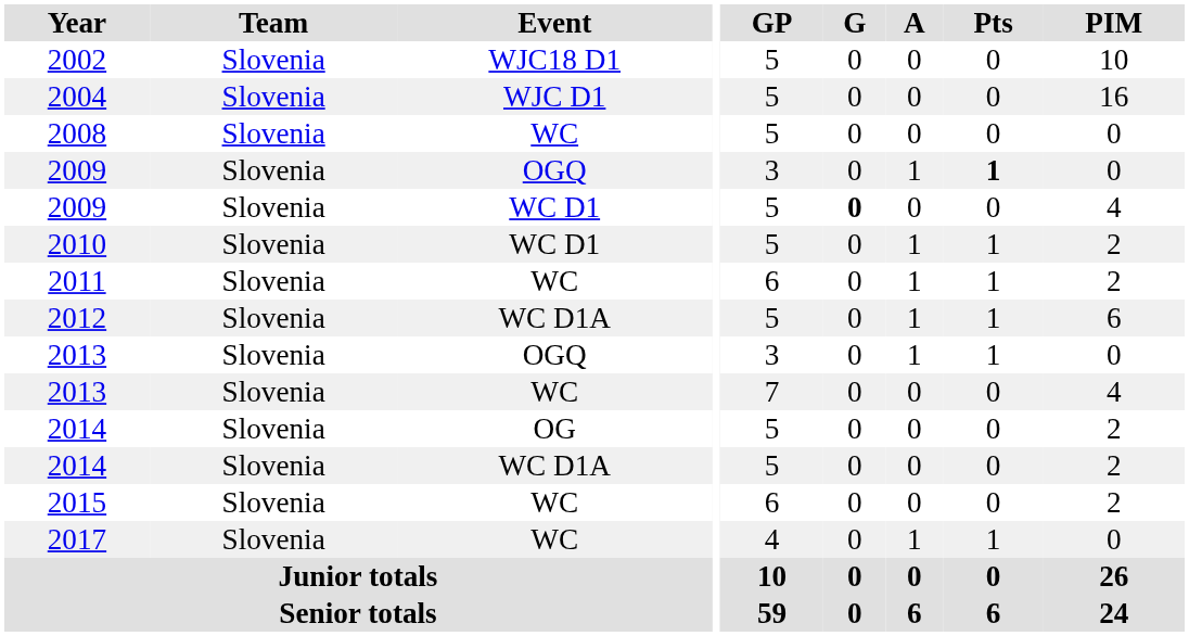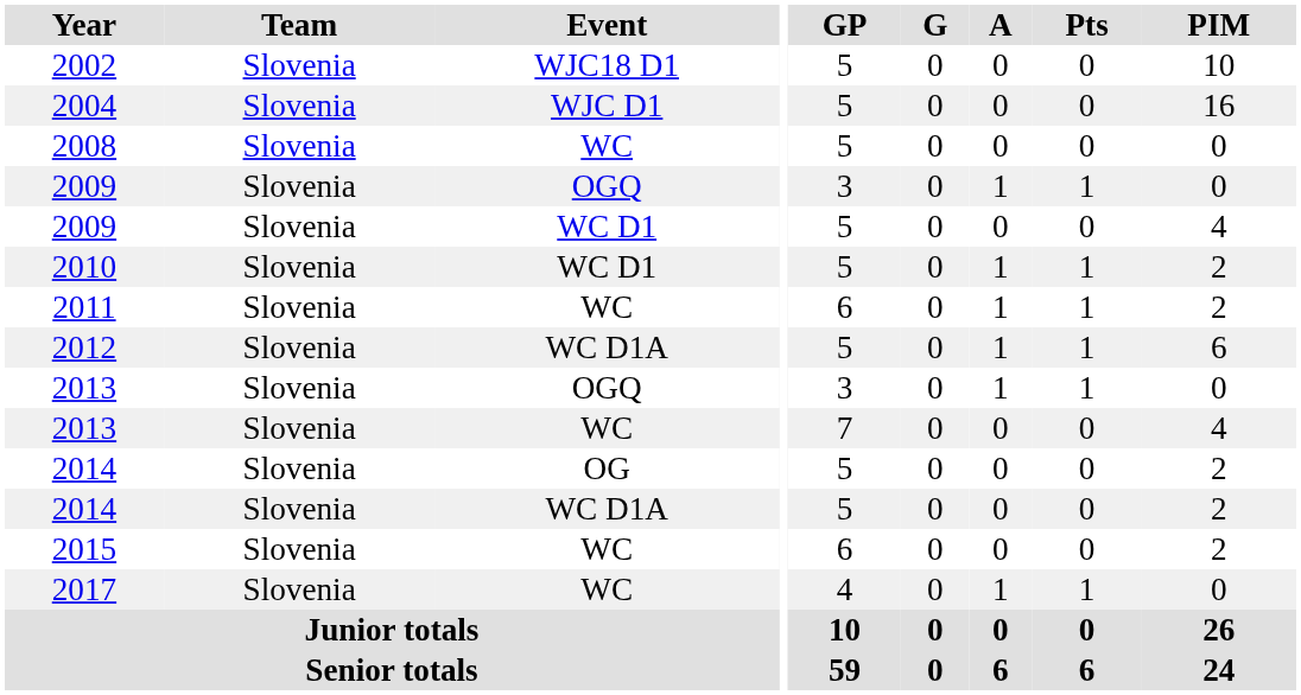 <table border="0" cellpadding="1" cellspacing="0" ID="Table3" style="text-align:center; width:40em">
 <tr ALIGN="center" bgcolor="#e0e0e0">
 <th>Year</th>
 <th>Team</th>
 <th>Event</th>
 <th rowspan="99" bgcolor="#ffffff"></th>
 <th>GP</th>
 <th>G</th>
 <th>A</th>
 <th>Pts</th>
 <th>PIM</th>
 </tr>
 <tr>
 <td><a href='#'>2002</a></td>
 <td><a href='#'>Slovenia</a></td>
 <td><a href='#'>WJC18 D1</a></td>
 <td>5</td>
 <td>0</td>
 <td>0</td>
 <td>0</td>
 <td>10</td>
 </tr>
 <tr bgcolor="#f0f0f0">
 <td><a href='#'>2004</a></td>
 <td><a href='#'>Slovenia</a></td>
 <td><a href='#'>WJC D1</a></td>
 <td>5</td>
 <td>0</td>
 <td>0</td>
 <td>0</td>
 <td>16</td>
 </tr>
 <tr>
 <td><a href='#'>2008</a></td>
 <td><a href='#'>Slovenia</a></td>
 <td><a href='#'>WC</a></td>
 <td>5</td>
 <td>0</td>
 <td>0</td>
 <td>0</td>
 <td>0</td>
 </tr>
 <tr bgcolor="#f0f0f0">
 <td><a href='#'>2009</a></td>
 <td>Slovenia</td>
 <td><a href='#'>OGQ</a></td>
 <td>3</td>
 <td>0</td>
 <td>1</td>
-<td><strong>1</strong></td>
+<td>1</td>
 <td>0</td>
 </tr>
 <tr>
 <td><a href='#'>2009</a></td>
 <td>Slovenia</td>
 <td><a href='#'>WC D1</a></td>
 <td>5</td>
-<td><strong>0</strong></td>
+<td>0</td>
 <td>0</td>
 <td>0</td>
 <td>4</td>
 </tr>
 <tr bgcolor="#f0f0f0">
 <td><a href='#'>2010</a></td>
 <td>Slovenia</td>
 <td>WC D1</td>
 <td>5</td>
 <td>0</td>
 <td>1</td>
 <td>1</td>
 <td>2</td>
 </tr>
 <tr>
 <td><a href='#'>2011</a></td>
 <td>Slovenia</td>
 <td>WC</td>
 <td>6</td>
 <td>0</td>
 <td>1</td>
 <td>1</td>
 <td>2</td>
 </tr>
 <tr bgcolor="#f0f0f0">
 <td><a href='#'>2012</a></td>
 <td>Slovenia</td>
 <td>WC D1A</td>
 <td>5</td>
 <td>0</td>
 <td>1</td>
 <td>1</td>
 <td>6</td>
 </tr>
 <tr>
 <td><a href='#'>2013</a></td>
 <td>Slovenia</td>
 <td>OGQ</td>
 <td>3</td>
 <td>0</td>
 <td>1</td>
 <td>1</td>
 <td>0</td>
 </tr>
 <tr bgcolor="#f0f0f0">
 <td><a href='#'>2013</a></td>
 <td>Slovenia</td>
 <td>WC</td>
 <td>7</td>
 <td>0</td>
 <td>0</td>
 <td>0</td>
 <td>4</td>
 </tr>
 <tr>
 <td><a href='#'>2014</a></td>
 <td>Slovenia</td>
 <td>OG</td>
 <td>5</td>
 <td>0</td>
 <td>0</td>
 <td>0</td>
 <td>2</td>
 </tr>
 <tr bgcolor="#f0f0f0">
 <td><a href='#'>2014</a></td>
 <td>Slovenia</td>
 <td>WC D1A</td>
 <td>5</td>
 <td>0</td>
 <td>0</td>
 <td>0</td>
 <td>2</td>
 </tr>
 <tr>
 <td><a href='#'>2015</a></td>
 <td>Slovenia</td>
 <td>WC</td>
 <td>6</td>
 <td>0</td>
 <td>0</td>
 <td>0</td>
 <td>2</td>
 </tr>
 <tr bgcolor="#f0f0f0">
 <td><a href='#'>2017</a></td>
 <td>Slovenia</td>
 <td>WC</td>
 <td>4</td>
 <td>0</td>
 <td>1</td>
 <td>1</td>
 <td>0</td>
 </tr>
 <tr bgcolor="#e0e0e0">
 <th colspan=3>Junior totals</th>
 <th>10</th>
 <th>0</th>
 <th>0</th>
 <th>0</th>
 <th>26</th>
 </tr>
 <tr bgcolor="#e0e0e0">
 <th colspan=3>Senior totals</th>
 <th>59</th>
 <th>0</th>
 <th>6</th>
 <th>6</th>
 <th>24</th>
 </tr>
 </table>
